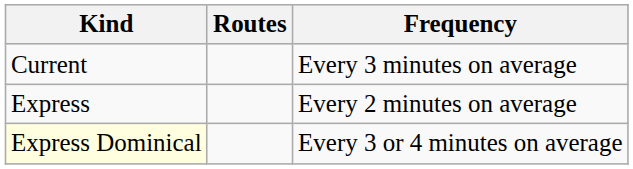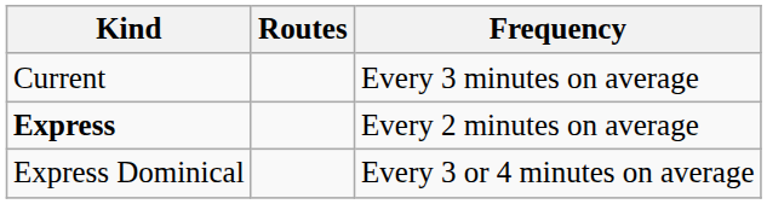 <table class="wikitable" style="margin:1em auto;">
 <tr>
 <th>Kind</th>
 <th>Routes</th>
 <th>Frequency</th>
 </tr>
 <tr>
 <td>Current</td>
 <td>   </td>
 <td>Every 3 minutes on average</td>
 </tr>
 <tr>
-<td>Express</td>
+<td><strong>Express</strong></td>
 <td></td>
 <td>Every 2 minutes on average</td>
 </tr>
 <tr>
-<td style="background: lightyellow;">Express Dominical</td>
+<td>Express Dominical</td>
 <td></td>
 <td>Every 3 or 4 minutes on average</td>
 </tr>
 </table>
